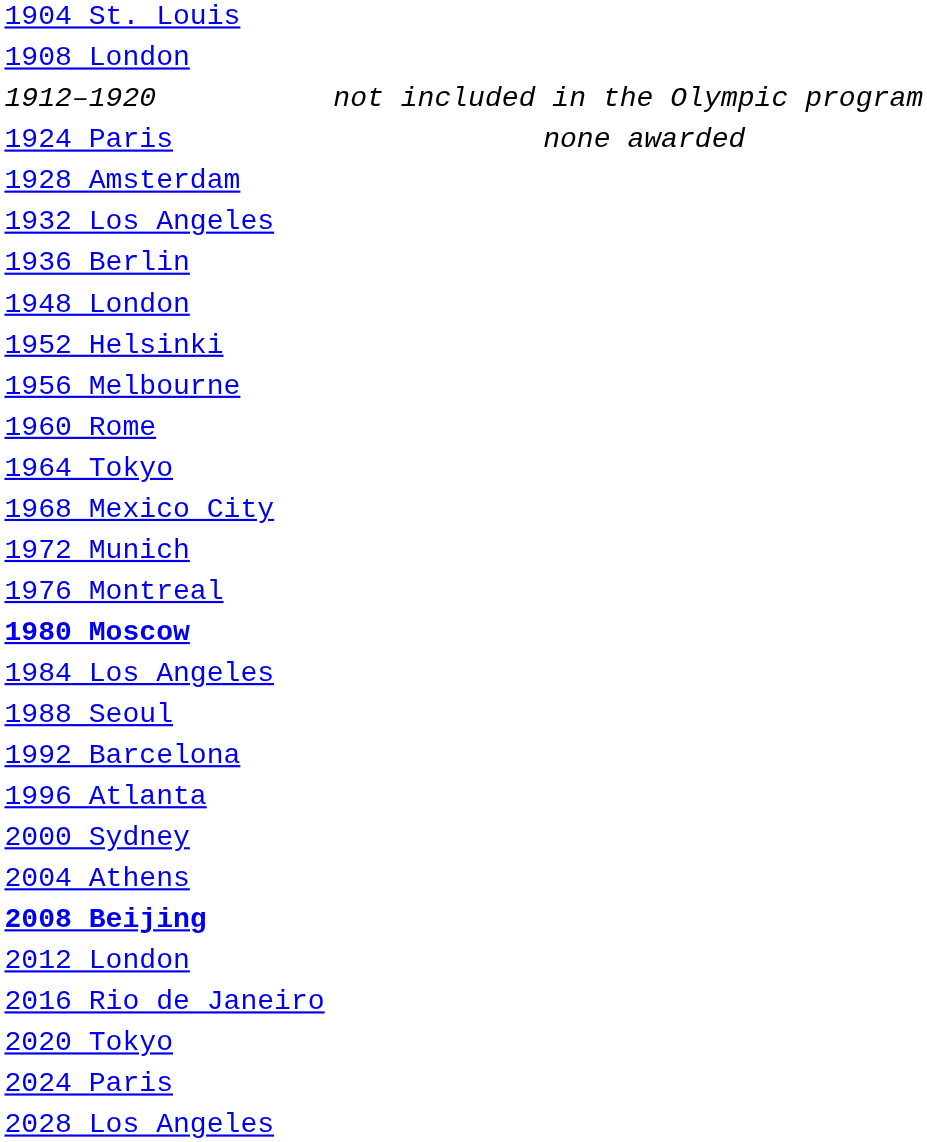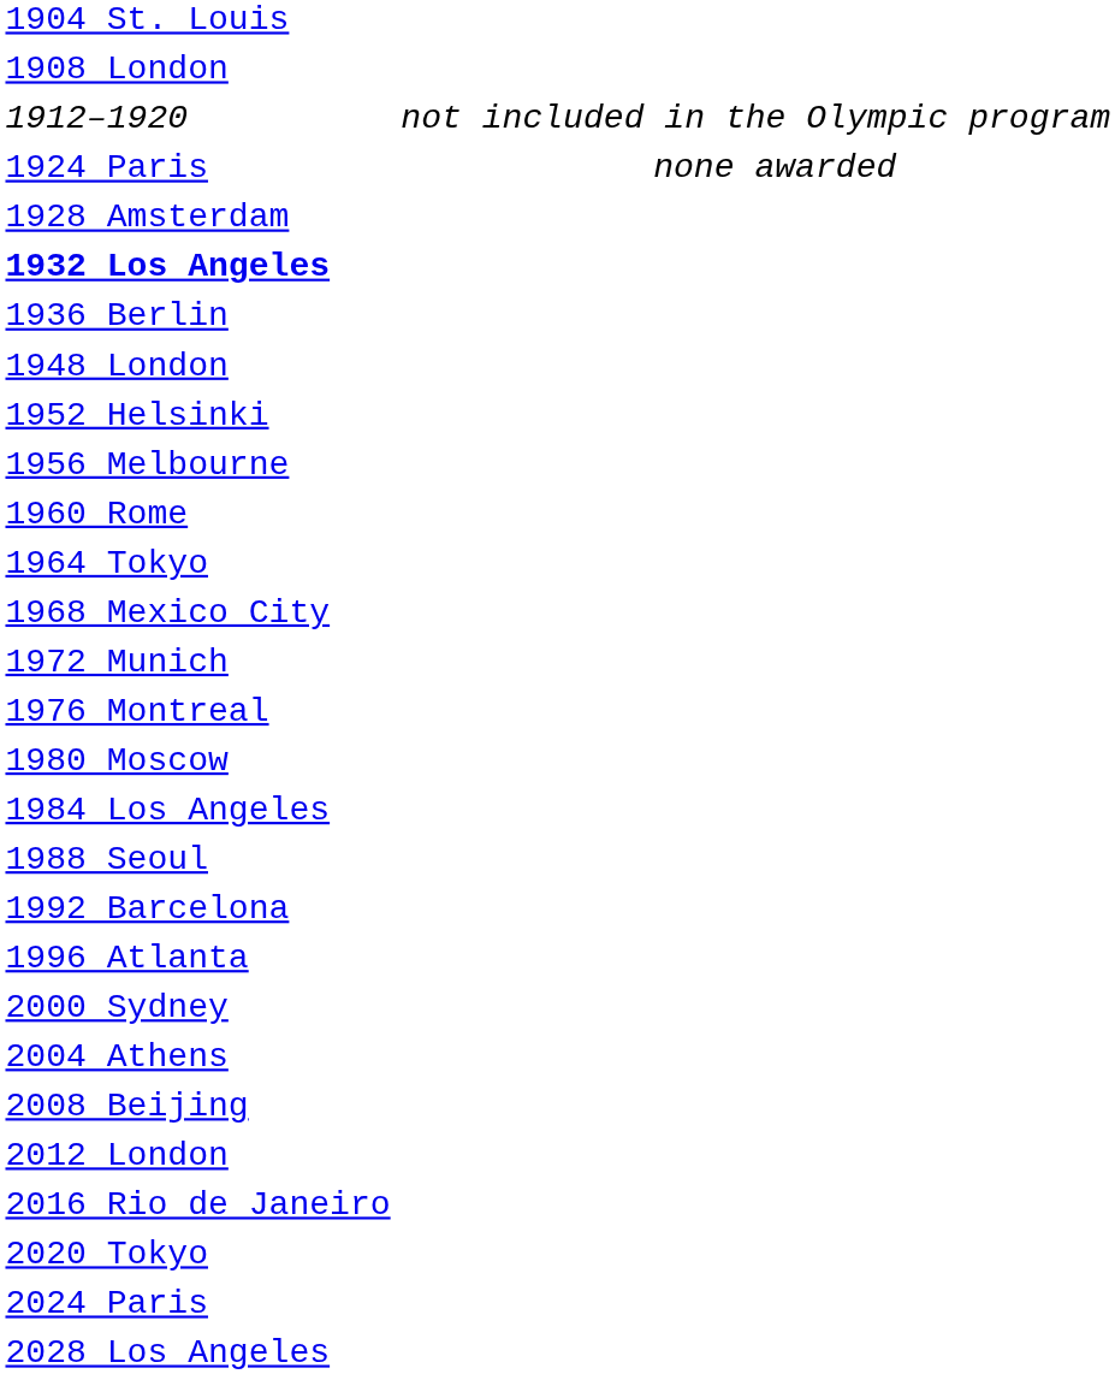 <table>
 <tr>
 <td><a href='#'>1904 St. Louis</a><br></td>
 <td></td>
 <td></td>
 <td></td>
 </tr>
 <tr valign="top">
 <td rowspan="2"><a href='#'>1908 London</a><br></td>
 <td rowspan="2"></td>
 <td rowspan="2"></td>
 <td></td>
 </tr>
 <tr>
 <td></td>
 </tr>
 <tr>
 <td><em>1912–1920</em></td>
 <td colspan=3 align=center><em>not included in the Olympic program</em></td>
 </tr>
 <tr>
 <td><a href='#'>1924 Paris</a><br></td>
 <td></td>
 <td></td>
 <td align="center"><em>none awarded</em></td>
 </tr>
 <tr>
 <td><a href='#'>1928 Amsterdam</a><br></td>
 <td></td>
 <td></td>
 <td></td>
 </tr>
 <tr>
-<td><a href='#'>1932 Los Angeles</a><br></td>
+<td><strong><a href='#'>1932 Los Angeles</a><br></strong></td>
 <td></td>
 <td></td>
 <td></td>
 </tr>
 <tr>
 <td><a href='#'>1936 Berlin</a><br></td>
 <td></td>
 <td></td>
 <td></td>
 </tr>
 <tr>
 <td><a href='#'>1948 London</a><br></td>
 <td></td>
 <td></td>
 <td></td>
 </tr>
 <tr>
 <td><a href='#'>1952 Helsinki</a><br></td>
 <td></td>
 <td></td>
 <td></td>
 </tr>
 <tr>
 <td><a href='#'>1956 Melbourne</a><br></td>
 <td></td>
 <td></td>
 <td></td>
 </tr>
 <tr>
 <td><a href='#'>1960 Rome</a><br></td>
 <td></td>
 <td></td>
 <td></td>
 </tr>
 <tr>
 <td><a href='#'>1964 Tokyo</a><br></td>
 <td></td>
 <td></td>
 <td></td>
 </tr>
 <tr>
 <td><a href='#'>1968 Mexico City</a><br></td>
 <td></td>
 <td></td>
 <td></td>
 </tr>
 <tr>
 <td><a href='#'>1972 Munich</a><br></td>
 <td></td>
 <td></td>
 <td></td>
 </tr>
 <tr>
 <td><a href='#'>1976 Montreal</a><br></td>
 <td></td>
 <td></td>
 <td></td>
 </tr>
 <tr>
-<td><strong><a href='#'>1980 Moscow</a><br></strong></td>
+<td><a href='#'>1980 Moscow</a><br></td>
 <td></td>
 <td></td>
 <td></td>
 </tr>
 <tr>
 <td><a href='#'>1984 Los Angeles</a><br></td>
 <td></td>
 <td></td>
 <td></td>
 </tr>
 <tr>
 <td><a href='#'>1988 Seoul</a><br></td>
 <td></td>
 <td></td>
 <td></td>
 </tr>
 <tr>
 <td><a href='#'>1992 Barcelona</a><br></td>
 <td></td>
 <td></td>
 <td></td>
 </tr>
 <tr>
 <td><a href='#'>1996 Atlanta</a><br></td>
 <td></td>
 <td></td>
 <td></td>
 </tr>
 <tr>
 <td><a href='#'>2000 Sydney</a><br></td>
 <td></td>
 <td></td>
 <td></td>
 </tr>
 <tr>
 <td><a href='#'>2004 Athens</a><br></td>
 <td></td>
 <td></td>
 <td></td>
 </tr>
 <tr>
-<td><strong><a href='#'>2008 Beijing</a><br></strong></td>
+<td><a href='#'>2008 Beijing</a><br></td>
 <td></td>
 <td></td>
 <td></td>
 </tr>
 <tr>
 <td><a href='#'>2012 London</a><br></td>
 <td></td>
 <td></td>
 <td></td>
 </tr>
 <tr>
 <td><a href='#'>2016 Rio de Janeiro</a><br></td>
 <td></td>
 <td></td>
 <td></td>
 </tr>
 <tr>
 <td><a href='#'>2020 Tokyo</a><br></td>
 <td></td>
 <td></td>
 <td></td>
 </tr>
 <tr>
 <td><a href='#'>2024 Paris</a><br></td>
 <td></td>
 <td></td>
 <td></td>
 </tr>
 <tr>
 <td><a href='#'>2028 Los Angeles</a><br></td>
 <td></td>
 <td></td>
 <td></td>
 </tr>
 <tr>
 </tr>
 </table>
